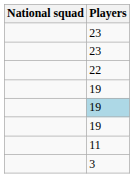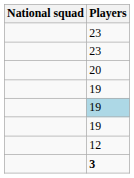 <table class="wikitable sortable">
 <tr>
 <th>National squad</th>
 <th>Players</th>
 </tr>
 <tr>
 <td></td>
 <td>23</td>
 </tr>
 <tr>
 <td></td>
 <td>23</td>
 </tr>
 <tr>
 <td></td>
-<td>22</td>
+<td>20</td>
 </tr>
 <tr>
 <td></td>
 <td>19</td>
 </tr>
 <tr>
 <td></td>
 <td style="background: lightblue;">19</td>
 </tr>
 <tr>
 <td></td>
 <td>19</td>
 </tr>
 <tr>
 <td></td>
-<td>11</td>
+<td>12</td>
 </tr>
 <tr>
 <td></td>
-<td>3</td>
+<td><strong>3</strong></td>
 </tr>
 </table>
